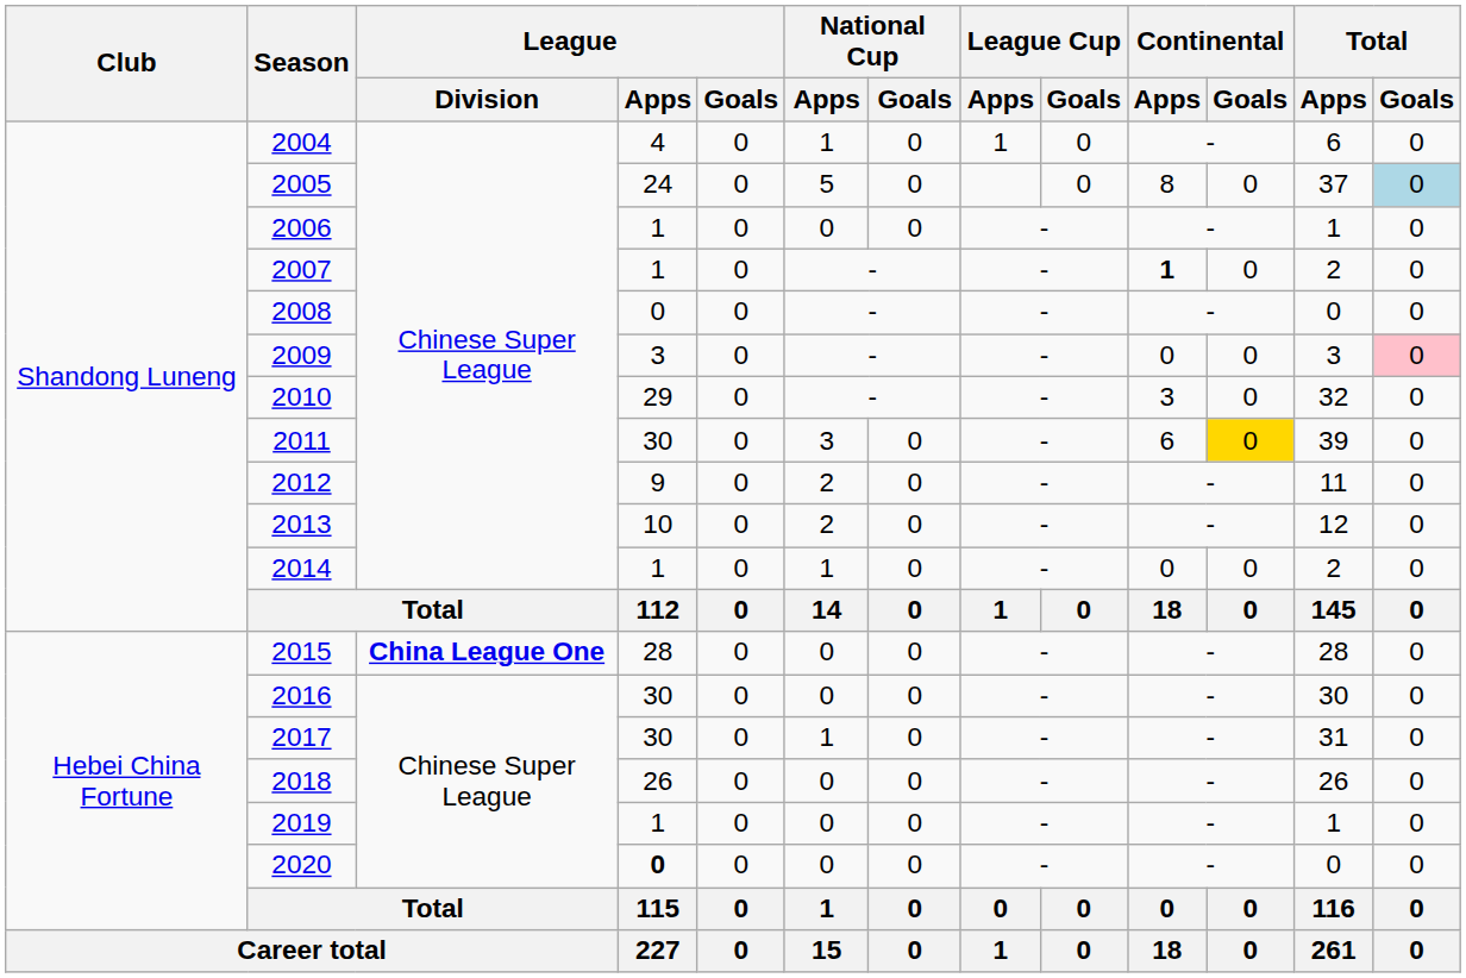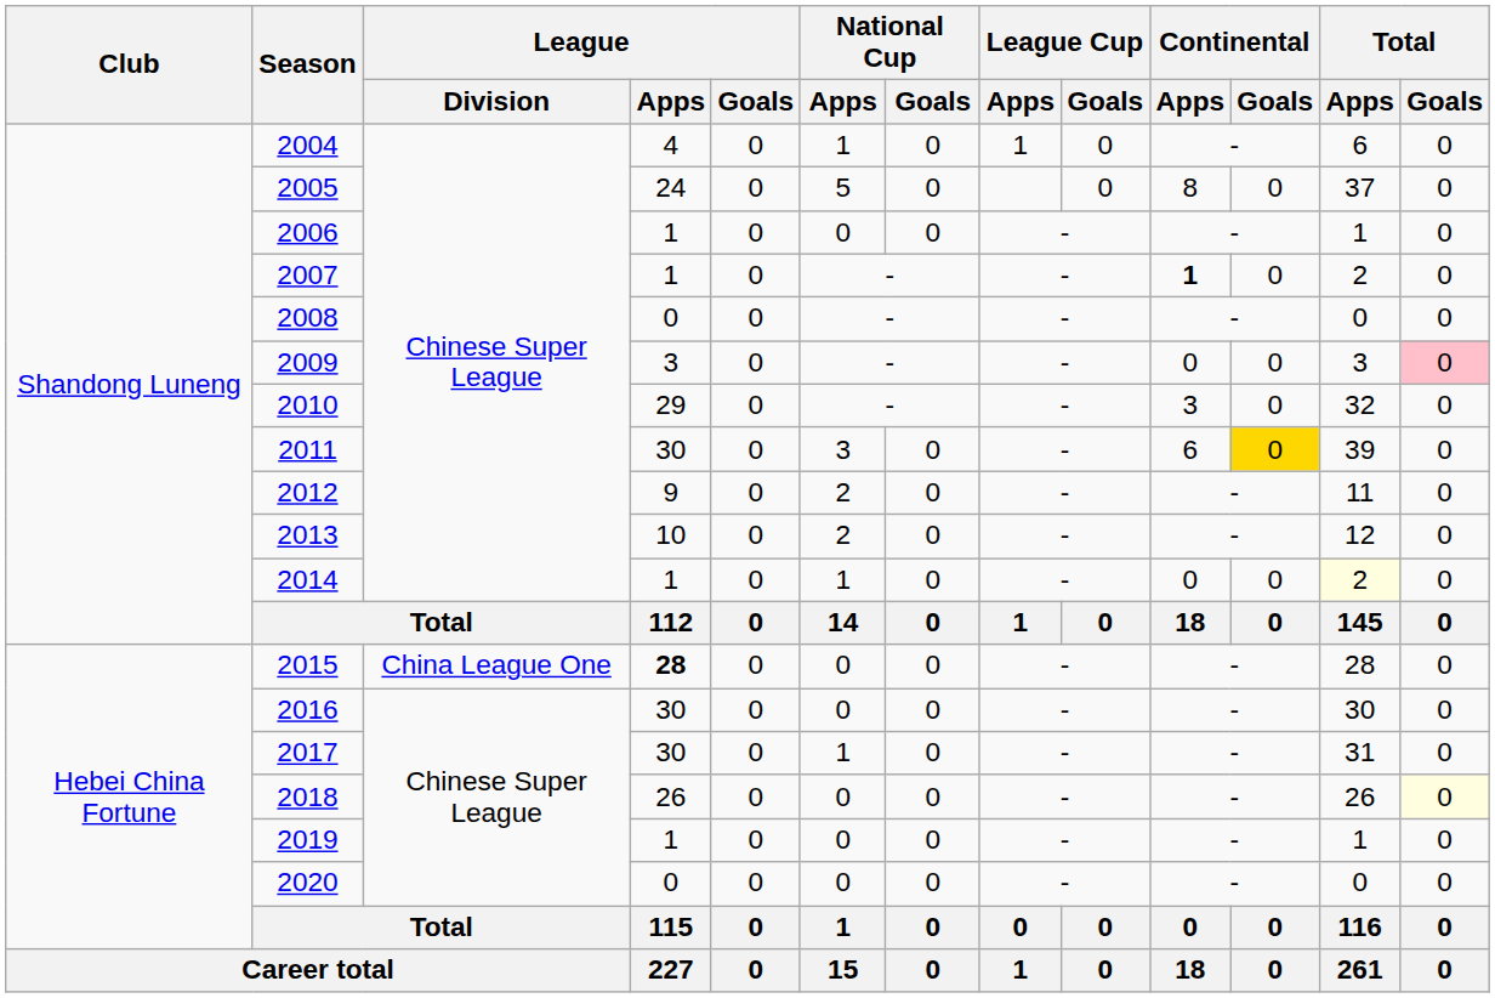 <table class="wikitable" style="text-align: center">
 <tr>
 <th rowspan="2">Club</th>
 <th rowspan="2">Season</th>
 <th colspan="3">League</th>
 <th colspan="2">National Cup</th>
 <th colspan="2">League Cup</th>
 <th colspan="2">Continental</th>
 <th colspan="2">Total</th>
 </tr>
 <tr>
 <th>Division</th>
 <th>Apps</th>
 <th>Goals</th>
 <th>Apps</th>
 <th>Goals</th>
 <th>Apps</th>
 <th>Goals</th>
 <th>Apps</th>
 <th>Goals</th>
 <th>Apps</th>
 <th>Goals</th>
 </tr>
 <tr>
 <td rowspan="12"><a href='#'>Shandong Luneng</a></td>
 <td><a href='#'>2004</a></td>
 <td rowspan="11"><a href='#'>Chinese Super League</a></td>
 <td>4</td>
 <td>0</td>
 <td>1</td>
 <td>0</td>
 <td>1</td>
 <td>0</td>
 <td colspan="2">-</td>
 <td>6</td>
 <td>0</td>
 </tr>
 <tr>
 <td><a href='#'>2005</a></td>
 <td>24</td>
 <td>0</td>
 <td>5</td>
 <td>0</td>
 <td></td>
 <td>0</td>
 <td>8</td>
 <td>0</td>
 <td>37</td>
-<td style="background: lightblue;">0</td>
+<td>0</td>
 </tr>
 <tr>
 <td><a href='#'>2006</a></td>
 <td>1</td>
 <td>0</td>
 <td>0</td>
 <td>0</td>
 <td colspan="2">-</td>
 <td colspan="2">-</td>
 <td>1</td>
 <td>0</td>
 </tr>
 <tr>
 <td><a href='#'>2007</a></td>
 <td>1</td>
 <td>0</td>
 <td colspan="2">-</td>
 <td colspan="2">-</td>
 <td><strong>1</strong></td>
 <td>0</td>
 <td>2</td>
 <td>0</td>
 </tr>
 <tr>
 <td><a href='#'>2008</a></td>
 <td>0</td>
 <td>0</td>
 <td colspan="2">-</td>
 <td colspan="2">-</td>
 <td colspan="2">-</td>
 <td>0</td>
 <td>0</td>
 </tr>
 <tr>
 <td><a href='#'>2009</a></td>
 <td>3</td>
 <td>0</td>
 <td colspan="2">-</td>
 <td colspan="2">-</td>
 <td>0</td>
 <td>0</td>
 <td>3</td>
 <td style="background: pink;">0</td>
 </tr>
 <tr>
 <td><a href='#'>2010</a></td>
 <td>29</td>
 <td>0</td>
 <td colspan="2">-</td>
 <td colspan="2">-</td>
 <td>3</td>
 <td>0</td>
 <td>32</td>
 <td>0</td>
 </tr>
 <tr>
 <td><a href='#'>2011</a></td>
 <td>30</td>
 <td>0</td>
 <td>3</td>
 <td>0</td>
 <td colspan="2">-</td>
 <td>6</td>
 <td style="background: gold;">0</td>
 <td>39</td>
 <td>0</td>
 </tr>
 <tr>
 <td><a href='#'>2012</a></td>
 <td>9</td>
 <td>0</td>
 <td>2</td>
 <td>0</td>
 <td colspan="2">-</td>
 <td colspan="2">-</td>
 <td>11</td>
 <td>0</td>
 </tr>
 <tr>
 <td><a href='#'>2013</a></td>
 <td>10</td>
 <td>0</td>
 <td>2</td>
 <td>0</td>
 <td colspan="2">-</td>
 <td colspan="2">-</td>
 <td>12</td>
 <td>0</td>
 </tr>
 <tr>
 <td><a href='#'>2014</a></td>
 <td>1</td>
 <td>0</td>
 <td>1</td>
 <td>0</td>
 <td colspan="2">-</td>
 <td>0</td>
 <td>0</td>
-<td>2</td>
+<td style="background: lightyellow;">2</td>
 <td>0</td>
 </tr>
 <tr>
 <th colspan="2"><strong>Total</strong></th>
 <th>112</th>
 <th>0</th>
 <th>14</th>
 <th>0</th>
 <th>1</th>
 <th>0</th>
 <th>18</th>
 <th>0</th>
 <th>145</th>
 <th>0</th>
 </tr>
 <tr>
 <td rowspan="7"><a href='#'>Hebei China Fortune</a></td>
 <td><a href='#'>2015</a></td>
-<td><strong><a href='#'>China League One</a></strong></td>
-<td>28</td>
+<td><a href='#'>China League One</a></td>
+<td><strong>28</strong></td>
 <td>0</td>
 <td>0</td>
 <td>0</td>
 <td colspan="2">-</td>
 <td colspan="2">-</td>
 <td>28</td>
 <td>0</td>
 </tr>
 <tr>
 <td><a href='#'>2016</a></td>
 <td rowspan="5">Chinese Super League</td>
 <td>30</td>
 <td>0</td>
 <td>0</td>
 <td>0</td>
 <td colspan="2">-</td>
 <td colspan="2">-</td>
 <td>30</td>
 <td>0</td>
 </tr>
 <tr>
 <td><a href='#'>2017</a></td>
 <td>30</td>
 <td>0</td>
 <td>1</td>
 <td>0</td>
 <td colspan="2">-</td>
 <td colspan="2">-</td>
 <td>31</td>
 <td>0</td>
 </tr>
 <tr>
 <td><a href='#'>2018</a></td>
 <td>26</td>
 <td>0</td>
 <td>0</td>
 <td>0</td>
 <td colspan="2">-</td>
 <td colspan="2">-</td>
 <td>26</td>
-<td>0</td>
+<td style="background: lightyellow;">0</td>
 </tr>
 <tr>
 <td><a href='#'>2019</a></td>
 <td>1</td>
 <td>0</td>
 <td>0</td>
 <td>0</td>
 <td colspan="2">-</td>
 <td colspan="2">-</td>
 <td>1</td>
 <td>0</td>
 </tr>
 <tr>
 <td><a href='#'>2020</a></td>
-<td><strong>0</strong></td>
+<td>0</td>
 <td>0</td>
 <td>0</td>
 <td>0</td>
 <td colspan="2">-</td>
 <td colspan="2">-</td>
 <td>0</td>
 <td>0</td>
 </tr>
 <tr>
 <th colspan="2"><strong>Total</strong></th>
 <th>115</th>
 <th>0</th>
 <th>1</th>
 <th>0</th>
 <th>0</th>
 <th>0</th>
 <th>0</th>
 <th>0</th>
 <th>116</th>
 <th>0</th>
 </tr>
 <tr>
 <th colspan=3>Career total</th>
 <th>227</th>
 <th>0</th>
 <th>15</th>
 <th>0</th>
 <th>1</th>
 <th>0</th>
 <th>18</th>
 <th>0</th>
 <th>261</th>
 <th>0</th>
 </tr>
 </table>
